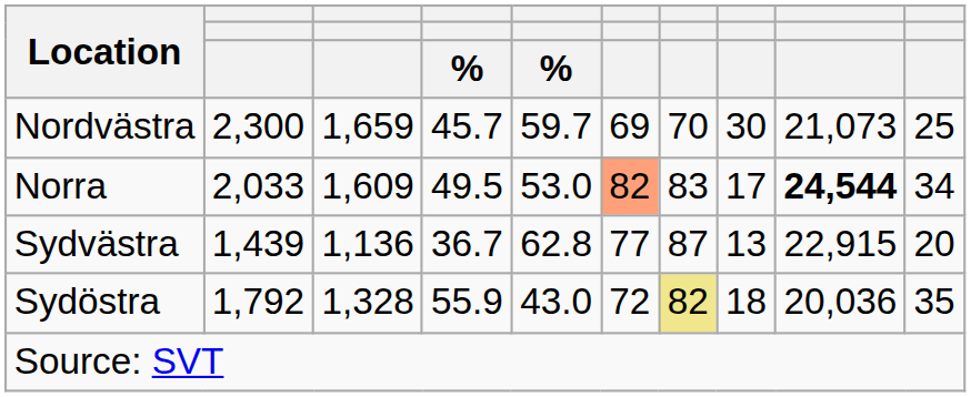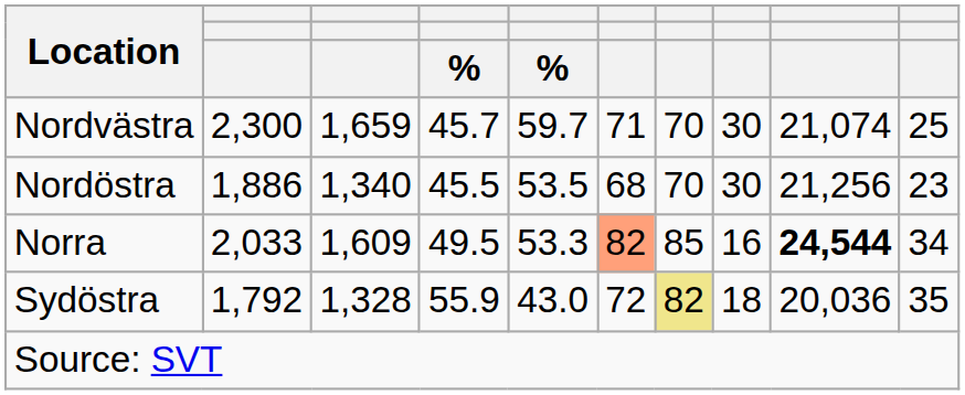 <table role="presentation" class="wikitable sortable mw-collapsible">
 <tr>
 <th rowspan="3">Location</th>
 <th></th>
 <th></th>
 <th></th>
 <th></th>
 <th></th>
 <th></th>
 <th></th>
 <th></th>
 <th></th>
 </tr>
 <tr>
 <th></th>
 <th></th>
 <th style="background:"></th>
 <th style="background:"></th>
 <th></th>
 <th></th>
 <th></th>
 <th></th>
 <th></th>
 </tr>
 <tr>
 <th data-sort-type="number"></th>
 <th data-sort-type="number"></th>
 <th data-sort-type="number">%</th>
 <th data-sort-type="number">%</th>
 <th data-sort-type="number"></th>
 <th data-sort-type="number"></th>
 <th data-sort-type="number"></th>
 <th data-sort-type="number"></th>
 <th data-sort-type="number"></th>
 </tr>
 <tr>
 <td align="left">Nordvästra</td>
 <td>2,300</td>
 <td>1,659</td>
 <td>45.7</td>
 <td>59.7</td>
-<td>69</td>
+<td>71</td>
 <td>70</td>
 <td>30</td>
-<td>21,073</td>
+<td>21,074</td>
 <td>25</td>
+</tr>
+<tr>
+<td align="left">Nordöstra</td>
+<td>1,886</td>
+<td>1,340</td>
+<td>45.5</td>
+<td>53.5</td>
+<td>68</td>
+<td>70</td>
+<td>30</td>
+<td>21,256</td>
+<td>23</td>
 </tr>
 <tr>
 <td align="left">Norra</td>
 <td>2,033</td>
 <td>1,609</td>
 <td>49.5</td>
-<td>53.0</td>
+<td>53.3</td>
 <td style="background: lightsalmon;">82</td>
-<td>83</td>
-<td>17</td>
+<td>85</td>
+<td>16</td>
 <td><strong>24,544</strong></td>
 <td>34</td>
-</tr>
-<tr>
-<td align="left">Sydvästra</td>
-<td>1,439</td>
-<td>1,136</td>
-<td>36.7</td>
-<td>62.8</td>
-<td>77</td>
-<td>87</td>
-<td>13</td>
-<td>22,915</td>
-<td>20</td>
 </tr>
 <tr>
 <td align="left">Sydöstra</td>
 <td>1,792</td>
 <td>1,328</td>
 <td>55.9</td>
 <td>43.0</td>
 <td>72</td>
 <td style="background: khaki;">82</td>
 <td>18</td>
 <td>20,036</td>
 <td>35</td>
 </tr>
 <tr>
 <td colspan="10" align="left">Source: <a href='#'>SVT</a></td>
 </tr>
 </table>
